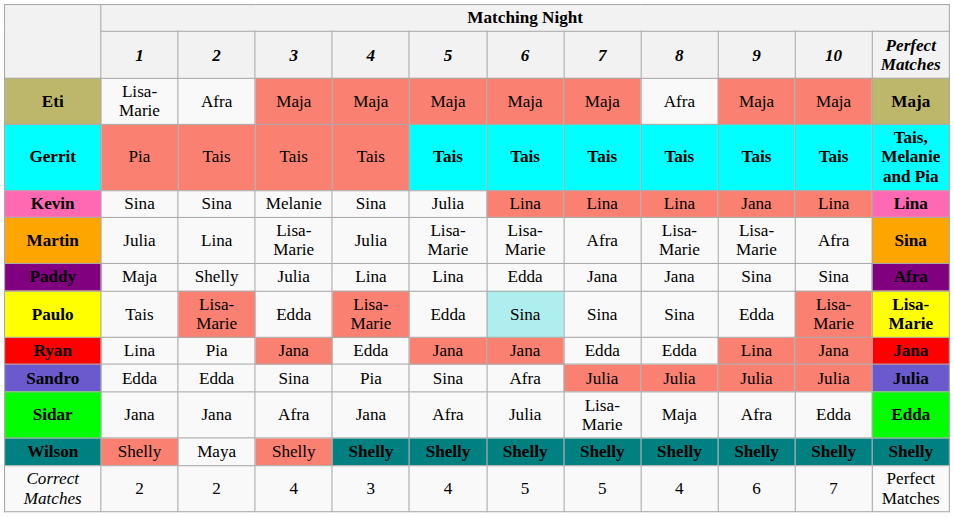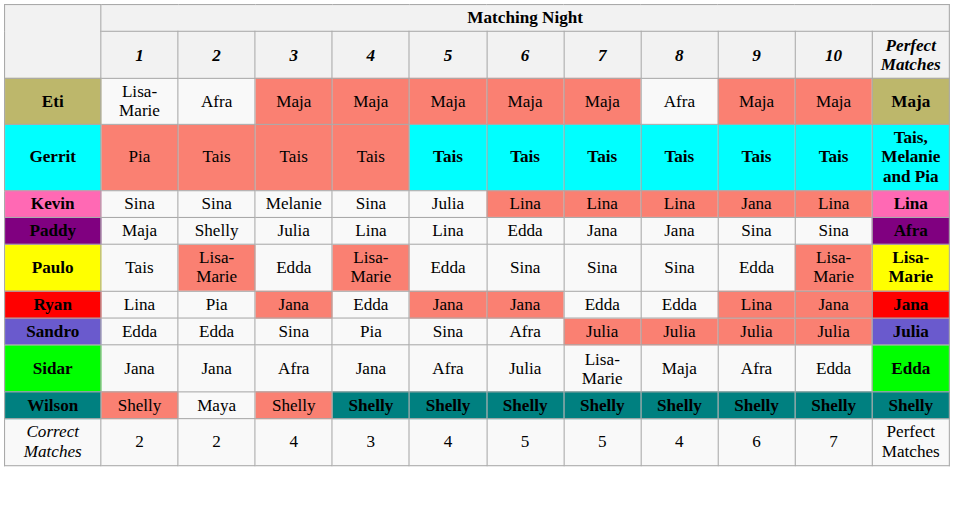 <table class="wikitable nowrap" style="text-align:center; width:100%;">
 <tr>
 <th rowspan="2" style="width:10%;"></th>
 <th colspan="11" style="text-align:center;">Matching Night</th>
 </tr>
 <tr>
 <th style="text-align:center; width:8%;"><em>1</em></th>
 <th style="text-align:center; width:8%;"><em>2</em></th>
 <th style="text-align:center; width:8%;"><em>3</em></th>
 <th style="text-align:center; width:8%;"><em>4</em></th>
 <th style="text-align:center; width:8%;"><em>5</em></th>
 <th style="text-align:center; width:8%;"><em>6</em></th>
 <th style="text-align:center; width:8%;"><em>7</em></th>
 <th style="text-align:center; width:8%;"><em>8</em></th>
 <th style="text-align:center; width:8%;"><em>9</em></th>
 <th style="text-align:center; width:8%;"><em>10</em></th>
 <th style="text-align:center; width:8%;"><em>Perfect Matches</em></th>
 </tr>
 <tr>
 <td style="background:darkkhaki"><strong>Eti</strong></td>
 <td>Lisa-Marie</td>
 <td>Afra</td>
 <td style="background:salmon">Maja</td>
 <td style="background:salmon">Maja</td>
 <td style="background:salmon">Maja</td>
 <td style="background:salmon">Maja</td>
 <td style="background:salmon">Maja</td>
 <td>Afra</td>
 <td style="background:salmon">Maja</td>
 <td style="background:salmon">Maja</td>
 <td style="background:darkkhaki"><strong>Maja</strong></td>
 </tr>
 <tr>
 <td style="background:aqua"><strong>Gerrit</strong></td>
 <td style="background:salmon">Pia</td>
 <td style="background:salmon">Tais</td>
 <td style="background:salmon">Tais</td>
 <td style="background:salmon">Tais</td>
 <td style="background:aqua"><strong>Tais</strong></td>
 <td style="background:aqua"><strong>Tais</strong></td>
 <td style="background:aqua"><strong>Tais</strong></td>
 <td style="background:aqua"><strong>Tais</strong></td>
 <td style="background:aqua"><strong>Tais</strong></td>
 <td style="background:aqua"><strong>Tais</strong></td>
 <td style="background:aqua"><strong>Tais, Melanie and Pia</strong></td>
 </tr>
 <tr>
 <td style="background:hotpink"><strong>Kevin</strong></td>
 <td>Sina</td>
 <td>Sina</td>
 <td>Melanie</td>
 <td>Sina</td>
 <td>Julia</td>
 <td style="background:salmon">Lina</td>
 <td style="background:salmon">Lina</td>
 <td style="background:salmon">Lina</td>
 <td style="background:salmon">Jana</td>
 <td style="background:salmon">Lina</td>
 <td style="background:hotpink"><strong>Lina</strong></td>
 </tr>
 <tr>
-<td style="background:orange"><strong>Martin</strong></td>
-<td>Julia</td>
-<td>Lina</td>
-<td>Lisa-Marie</td>
-<td>Julia</td>
-<td>Lisa-Marie</td>
-<td>Lisa-Marie</td>
-<td>Afra</td>
-<td>Lisa-Marie</td>
-<td>Lisa-Marie</td>
-<td>Afra</td>
-<td style="background:orange"><strong>Sina</strong></td>
-</tr>
-<tr>
 <td style="background:purple"><strong>Paddy</strong></td>
 <td>Maja</td>
 <td>Shelly</td>
 <td>Julia</td>
 <td>Lina</td>
 <td>Lina</td>
 <td>Edda</td>
 <td>Jana</td>
 <td>Jana</td>
 <td>Sina</td>
 <td>Sina</td>
 <td style="background:purple"><strong>Afra</strong></td>
 </tr>
 <tr>
 <td style="background:yellow"><strong>Paulo</strong></td>
 <td>Tais</td>
 <td style="background:salmon">Lisa-Marie</td>
 <td>Edda</td>
 <td style="background:salmon">Lisa-Marie</td>
 <td>Edda</td>
-<td style="background: paleturquoise;">Sina</td>
+<td>Sina</td>
 <td>Sina</td>
 <td>Sina</td>
 <td>Edda</td>
 <td style="background:salmon">Lisa-Marie</td>
 <td style="background:yellow"><strong>Lisa-Marie</strong></td>
 </tr>
 <tr>
 <td style="background:red"><strong>Ryan</strong></td>
 <td>Lina</td>
 <td>Pia</td>
 <td style="background:salmon">Jana</td>
 <td>Edda</td>
 <td style="background:salmon">Jana</td>
 <td style="background:salmon">Jana</td>
 <td>Edda</td>
 <td>Edda</td>
 <td style="background:salmon">Lina</td>
 <td style="background:salmon">Jana</td>
 <td style="background:red"><strong>Jana</strong></td>
 </tr>
 <tr>
 <td style="background:slateblue"><strong>Sandro</strong></td>
 <td>Edda</td>
 <td>Edda</td>
 <td>Sina</td>
 <td>Pia</td>
 <td>Sina</td>
 <td>Afra</td>
 <td style="background:salmon">Julia</td>
 <td style="background:salmon">Julia</td>
 <td style="background:salmon">Julia</td>
 <td style="background:salmon">Julia</td>
 <td style="background:slateblue"><strong>Julia</strong></td>
 </tr>
 <tr>
 <td style="background:lime"><strong>Sidar</strong></td>
 <td>Jana</td>
 <td>Jana</td>
 <td>Afra</td>
 <td>Jana</td>
 <td>Afra</td>
 <td>Julia</td>
 <td>Lisa-Marie</td>
 <td>Maja</td>
 <td>Afra</td>
 <td>Edda</td>
 <td style="background:lime"><strong>Edda</strong></td>
 </tr>
 <tr>
 <td style="background:teal"><strong>Wilson</strong></td>
 <td style="background:salmon">Shelly</td>
 <td>Maya</td>
 <td style="background:salmon">Shelly</td>
 <td style="background:teal"><strong>Shelly</strong></td>
 <td style="background:teal"><strong>Shelly</strong></td>
 <td style="background:teal"><strong>Shelly</strong></td>
 <td style="background:teal"><strong>Shelly</strong></td>
 <td style="background:teal"><strong>Shelly</strong></td>
 <td style="background:teal"><strong>Shelly</strong></td>
 <td style="background:teal"><strong>Shelly</strong></td>
 <td style="background:teal"><strong>Shelly</strong></td>
 </tr>
 <tr>
 <td><em>Correct Matches</em></td>
 <td>2</td>
 <td>2</td>
 <td>4</td>
 <td>3</td>
 <td>4</td>
 <td>5</td>
 <td>5</td>
 <td>4</td>
 <td>6</td>
 <td>7</td>
 <td>Perfect Matches</td>
 </tr>
 </table>
